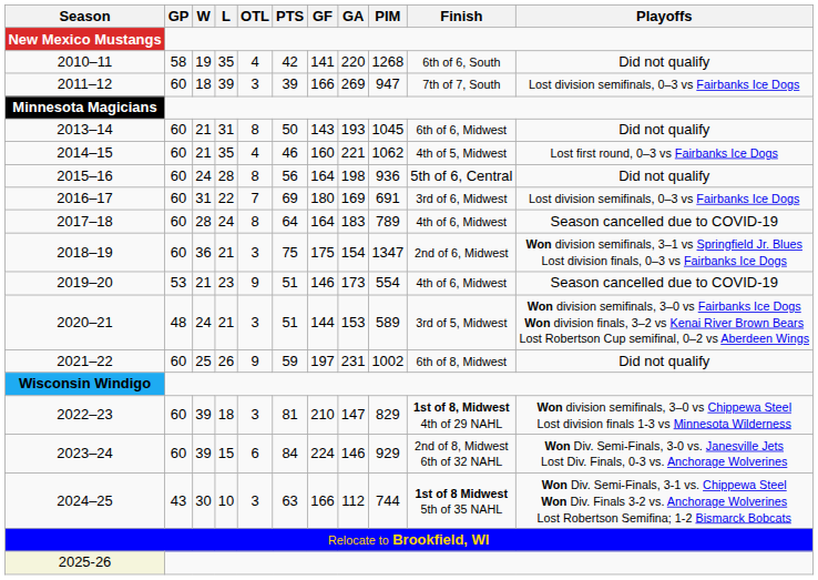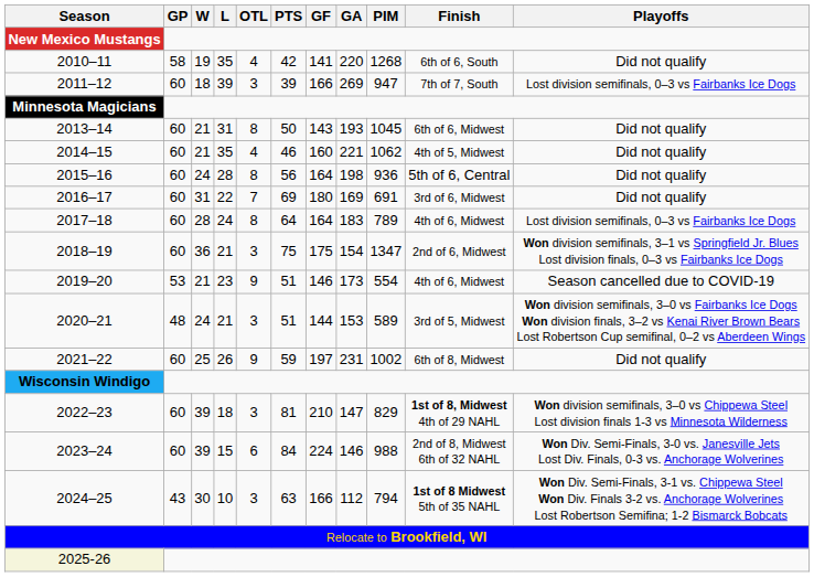 <table class="wikitable" style="text-align:center">
 <tr>
 <th>Season</th>
 <th>GP</th>
 <th>W</th>
 <th>L</th>
 <th>OTL</th>
 <th>PTS</th>
 <th>GF</th>
 <th>GA</th>
 <th>PIM</th>
 <th>Finish</th>
 <th>Playoffs</th>
 </tr>
 <tr align="center">
 <td style="color:white; background:#DB2929; "><strong>New Mexico Mustangs</strong></td>
 </tr>
 <tr>
 <td>2010–11</td>
 <td>58</td>
 <td>19</td>
 <td>35</td>
 <td>4</td>
 <td>42</td>
 <td>141</td>
 <td>220</td>
 <td>1268</td>
 <td><small>6th of 6, South</small></td>
 <td>Did not qualify</td>
 </tr>
 <tr>
 <td>2011–12</td>
 <td>60</td>
 <td>18</td>
 <td>39</td>
 <td>3</td>
 <td>39</td>
 <td>166</td>
 <td>269</td>
 <td>947</td>
 <td><small>7th of 7, South</small></td>
 <td><small>Lost division semifinals, 0–3 vs <a href='#'>Fairbanks Ice Dogs</a></small></td>
 </tr>
 <tr align="center">
 <td style="color:white; background:#000000; "><strong>Minnesota Magicians</strong></td>
 </tr>
 <tr>
 <td>2013–14</td>
 <td>60</td>
 <td>21</td>
 <td>31</td>
 <td>8</td>
 <td>50</td>
 <td>143</td>
 <td>193</td>
 <td>1045</td>
 <td><small>6th of 6, Midwest </small></td>
 <td>Did not qualify</td>
 </tr>
 <tr>
 <td>2014–15</td>
 <td>60</td>
 <td>21</td>
 <td>35</td>
 <td>4</td>
 <td>46</td>
 <td>160</td>
 <td>221</td>
 <td>1062</td>
 <td><small>4th of 5, Midwest</small></td>
-<td><small>Lost first round, 0–3 vs <a href='#'>Fairbanks Ice Dogs</a></small></td>
+<td>Did not qualify</td>
 </tr>
 <tr>
 <td>2015–16</td>
 <td>60</td>
 <td>24</td>
 <td>28</td>
 <td>8</td>
 <td>56</td>
 <td>164</td>
 <td>198</td>
 <td>936</td>
 <td>5th of 6, Central</td>
 <td>Did not qualify</td>
 </tr>
 <tr>
 <td>2016–17</td>
 <td>60</td>
 <td>31</td>
 <td>22</td>
 <td>7</td>
 <td>69</td>
 <td>180</td>
 <td>169</td>
 <td>691</td>
 <td><small>3rd of 6, Midwest</small></td>
-<td><small>Lost division semifinals, 0–3 vs <a href='#'>Fairbanks Ice Dogs</a></small></td>
+<td>Did not qualify</td>
 </tr>
 <tr>
 <td>2017–18</td>
 <td>60</td>
 <td>28</td>
 <td>24</td>
 <td>8</td>
 <td>64</td>
 <td>164</td>
 <td>183</td>
 <td>789</td>
 <td><small> 4th of 6, Midwest</small></td>
-<td>Season cancelled due to COVID-19</td>
+<td><small>Lost division semifinals, 0–3 vs <a href='#'>Fairbanks Ice Dogs</a></small></td>
 </tr>
 <tr>
 <td>2018–19</td>
 <td>60</td>
 <td>36</td>
 <td>21</td>
 <td>3</td>
 <td>75</td>
 <td>175</td>
 <td>154</td>
 <td>1347</td>
 <td><small> 2nd of 6, Midwest </small></td>
 <td><small><strong>Won</strong> division semifinals, 3–1 vs <a href='#'>Springfield Jr. Blues</a><br>Lost division finals, 0–3 vs <a href='#'>Fairbanks Ice Dogs</a></small></td>
 </tr>
 <tr>
 <td>2019–20</td>
 <td>53</td>
 <td>21</td>
 <td>23</td>
 <td>9</td>
 <td>51</td>
 <td>146</td>
 <td>173</td>
 <td>554</td>
 <td><small>4th of 6, Midwest </small></td>
 <td>Season cancelled due to COVID-19</td>
 </tr>
 <tr>
 <td>2020–21</td>
 <td>48</td>
 <td>24</td>
 <td>21</td>
 <td>3</td>
 <td>51</td>
 <td>144</td>
 <td>153</td>
 <td>589</td>
 <td><small>3rd of 5, Midwest</small></td>
 <td><small><strong>Won</strong> division semifinals, 3–0 vs <a href='#'>Fairbanks Ice Dogs</a><br><strong>Won</strong> division finals, 3–2 vs <a href='#'>Kenai River Brown Bears</a><br>Lost Robertson Cup semifinal, 0–2 vs <a href='#'>Aberdeen Wings</a></small></td>
 </tr>
 <tr>
 <td>2021–22</td>
 <td>60</td>
 <td>25</td>
 <td>26</td>
 <td>9</td>
 <td>59</td>
 <td>197</td>
 <td>231</td>
 <td>1002</td>
 <td><small>6th of 8, Midwest </small></td>
 <td>Did not qualify</td>
 </tr>
 <tr align="center">
 <td style="color:black; background:#1EABF2; "><strong>Wisconsin Windigo</strong></td>
 </tr>
 <tr>
 <td>2022–23</td>
 <td>60</td>
 <td>39</td>
 <td>18</td>
 <td>3</td>
 <td>81</td>
 <td>210</td>
 <td>147</td>
 <td>829</td>
 <td><small> <strong>1st of 8, Midwest</strong><br>4th of 29 NAHL</small></td>
 <td><small><strong>Won</strong> division semifinals, 3–0 vs <a href='#'>Chippewa Steel</a><br>Lost division finals 1-3 vs <a href='#'>Minnesota Wilderness</a></small></td>
 </tr>
 <tr>
 <td>2023–24</td>
 <td>60</td>
 <td>39</td>
 <td>15</td>
 <td>6</td>
 <td>84</td>
 <td>224</td>
 <td>146</td>
-<td>929</td>
+<td>988</td>
 <td><small>2nd of 8, Midwest<br> 6th of 32 NAHL </small></td>
 <td><small><strong>Won</strong> Div. Semi-Finals, 3-0 vs. <a href='#'>Janesville Jets</a><br>Lost Div. Finals, 0-3 vs. <a href='#'>Anchorage Wolverines</a></small></td>
 </tr>
 <tr>
 <td>2024–25</td>
 <td>43</td>
 <td>30</td>
 <td>10</td>
 <td>3</td>
 <td>63</td>
 <td>166</td>
 <td>112</td>
-<td>744</td>
+<td>794</td>
 <td><small><strong>1st of 8 Midwest</strong><br> 5th of 35 NAHL </small></td>
 <td><small><strong>Won</strong> Div. Semi-Finals, 3-1 vs. <a href='#'>Chippewa Steel</a><br><strong>Won</strong> Div. Finals 3-2 vs. <a href='#'>Anchorage Wolverines</a><br>Lost Robertson Semifina; 1-2 <a href='#'>Bismarck Bobcats</a></small></td>
 </tr>
 <tr align="center"  bgcolor="blue"  style="color:gold">
 <td colspan=11><small>Relocate to</small> <strong>Brookfield, WI</strong></td>
 </tr>
 <tr align="center" bgcolor=beige>
 <td>2025-26</td>
 </tr>
 </table>
